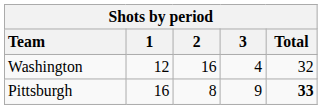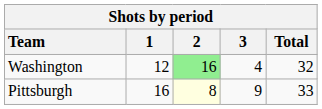 <table class="wikitable" style="width:20em; text-align:right;">
 <tr>
 <th colspan=6>Shots by period</th>
 </tr>
 <tr>
 <th style="width:8em; text-align:left;">Team</th>
 <th style="width:3em;">1</th>
 <th style="width:3em;">2</th>
 <th style="width:3em;">3</th>
 <th style="width:3em;">Total</th>
 </tr>
 <tr>
 <td style="text-align:left;">Washington</td>
 <td>12</td>
-<td>16</td>
+<td style="background: lightgreen;">16</td>
 <td>4</td>
 <td>32</td>
 </tr>
 <tr>
 <td style="text-align:left;">Pittsburgh</td>
 <td>16</td>
-<td>8</td>
+<td style="background: lightyellow;">8</td>
 <td>9</td>
-<td><strong>33</strong></td>
+<td>33</td>
 </tr>
 </table>
